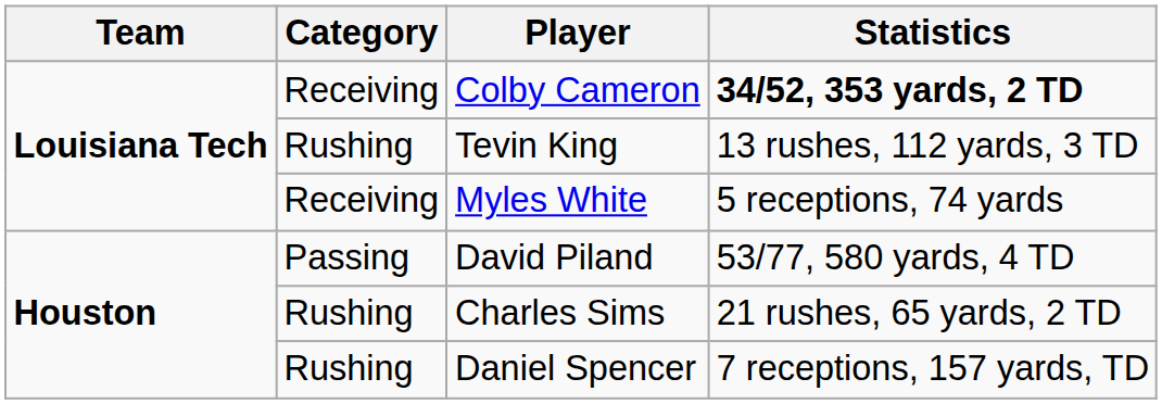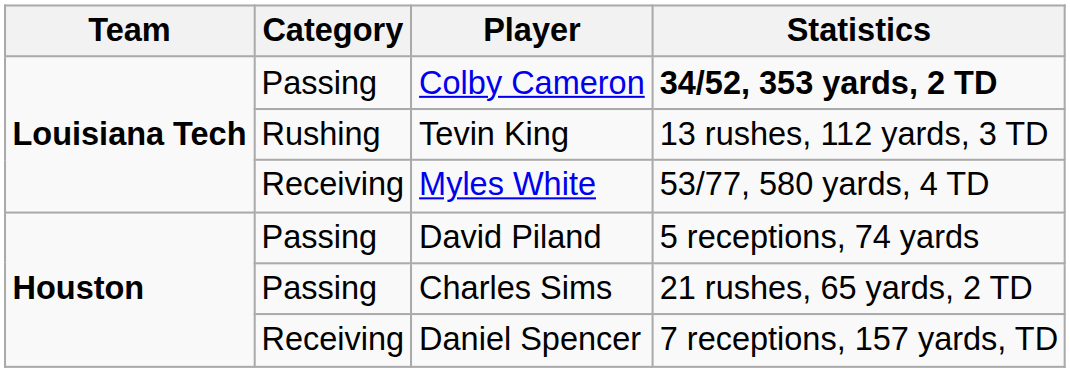 <table class="wikitable" style="float: left;">
 <tr>
 <th>Team</th>
 <th>Category</th>
 <th>Player</th>
 <th>Statistics</th>
 </tr>
 <tr>
 <td rowspan=3><strong>Louisiana Tech</strong></td>
-<td>Receiving</td>
+<td>Passing</td>
 <td><a href='#'>Colby Cameron</a></td>
 <td><strong>34/52, 353 yards, 2 TD</strong></td>
 </tr>
 <tr>
 <td>Rushing</td>
 <td>Tevin King</td>
 <td>13 rushes, 112 yards, 3 TD</td>
 </tr>
 <tr>
 <td>Receiving</td>
 <td><a href='#'>Myles White</a></td>
-<td>5 receptions, 74 yards</td>
+<td>53/77, 580 yards, 4 TD</td>
 </tr>
 <tr>
 <td rowspan=3><strong>Houston</strong></td>
 <td>Passing</td>
 <td>David Piland</td>
-<td>53/77, 580 yards, 4 TD</td>
+<td>5 receptions, 74 yards</td>
 </tr>
 <tr>
-<td>Rushing</td>
+<td>Passing</td>
 <td>Charles Sims</td>
 <td>21 rushes, 65 yards, 2 TD</td>
 </tr>
 <tr>
-<td>Rushing</td>
+<td>Receiving</td>
 <td>Daniel Spencer</td>
 <td>7 receptions, 157 yards, TD</td>
 </tr>
 </table>
